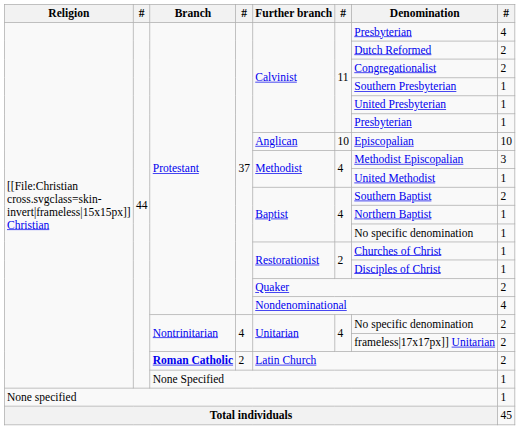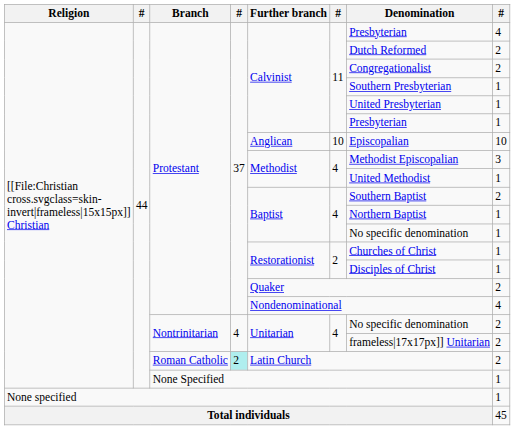 <table class="wikitable">
 <tr>
 <th width="120px">Religion</th>
 <th>#</th>
 <th>Branch</th>
 <th>#</th>
 <th>Further branch</th>
 <th>#</th>
 <th>Denomination</th>
 <th>#</th>
 </tr>
 <tr>
 <td rowspan="20">[[File:Christian cross.svgclass=skin-invert|frameless|15x15px]] <a href='#'>Christian</a></td>
 <td rowspan="20">44</td>
 <td rowspan="16"> <a href='#'>Protestant</a></td>
 <td rowspan="16">37</td>
 <td rowspan="6"><a href='#'>Calvinist</a></td>
 <td rowspan="6">11</td>
 <td> <a href='#'>Presbyterian</a></td>
 <td>4</td>
 </tr>
 <tr>
 <td><a href='#'>Dutch Reformed</a></td>
 <td>2</td>
 </tr>
 <tr>
 <td><a href='#'>Congregationalist</a></td>
 <td>2</td>
 </tr>
 <tr>
 <td><a href='#'>Southern Presbyterian</a></td>
 <td>1</td>
 </tr>
 <tr>
 <td><a href='#'>United Presbyterian</a></td>
 <td>1</td>
 </tr>
 <tr>
 <td> <a href='#'>Presbyterian</a></td>
 <td>1</td>
 </tr>
 <tr>
 <td> <a href='#'>Anglican</a></td>
 <td>10</td>
 <td> <a href='#'>Episcopalian</a></td>
 <td>10</td>
 </tr>
 <tr>
 <td rowspan="2"><a href='#'>Methodist</a></td>
 <td rowspan="2">4</td>
 <td><a href='#'>Methodist Episcopalian</a></td>
 <td>3</td>
 </tr>
 <tr>
 <td> <a href='#'>United Methodist</a></td>
 <td>1</td>
 </tr>
 <tr>
 <td rowspan="3"><a href='#'>Baptist</a></td>
 <td rowspan="3">4</td>
 <td><a href='#'>Southern Baptist</a></td>
 <td>2</td>
 </tr>
 <tr>
 <td><a href='#'>Northern Baptist</a></td>
 <td>1</td>
 </tr>
 <tr>
 <td>No specific denomination</td>
 <td>1</td>
 </tr>
 <tr>
 <td rowspan="2"><a href='#'>Restorationist</a></td>
 <td rowspan="2">2</td>
 <td><a href='#'>Churches of Christ</a></td>
 <td>1</td>
 </tr>
 <tr>
 <td><a href='#'>Disciples of Christ</a></td>
 <td>1</td>
 </tr>
 <tr>
 <td colspan="3"> <a href='#'>Quaker</a></td>
 <td>2</td>
 </tr>
 <tr>
 <td colspan="3"><a href='#'>Nondenominational</a></td>
 <td>4</td>
 </tr>
 <tr>
 <td rowspan="2"><a href='#'>Nontrinitarian</a></td>
 <td rowspan="2">4</td>
 <td rowspan="2"><a href='#'>Unitarian</a></td>
 <td rowspan="2">4</td>
 <td>No specific denomination</td>
 <td>2</td>
 </tr>
 <tr>
 <td [[File:Flaming Chalice.svg>frameless|17x17px]] <a href='#'>Unitarian</a></td>
 <td>2</td>
 </tr>
 <tr>
-<td><strong> <a href='#'>Roman Catholic</a></strong></td>
-<td>2</td>
+<td> <a href='#'>Roman Catholic</a></td>
+<td style="background: paleturquoise;">2</td>
 <td colspan="3"> <a href='#'>Latin Church</a></td>
 <td>2</td>
 </tr>
 <tr>
 <td colspan="5">None Specified</td>
 <td>1</td>
 </tr>
 <tr>
 <td colspan="7">None specified</td>
 <td>1</td>
 </tr>
 <tr class="sortbottom">
 <th colspan="7">Total individuals</th>
 <td>45</td>
 </tr>
 </table>
